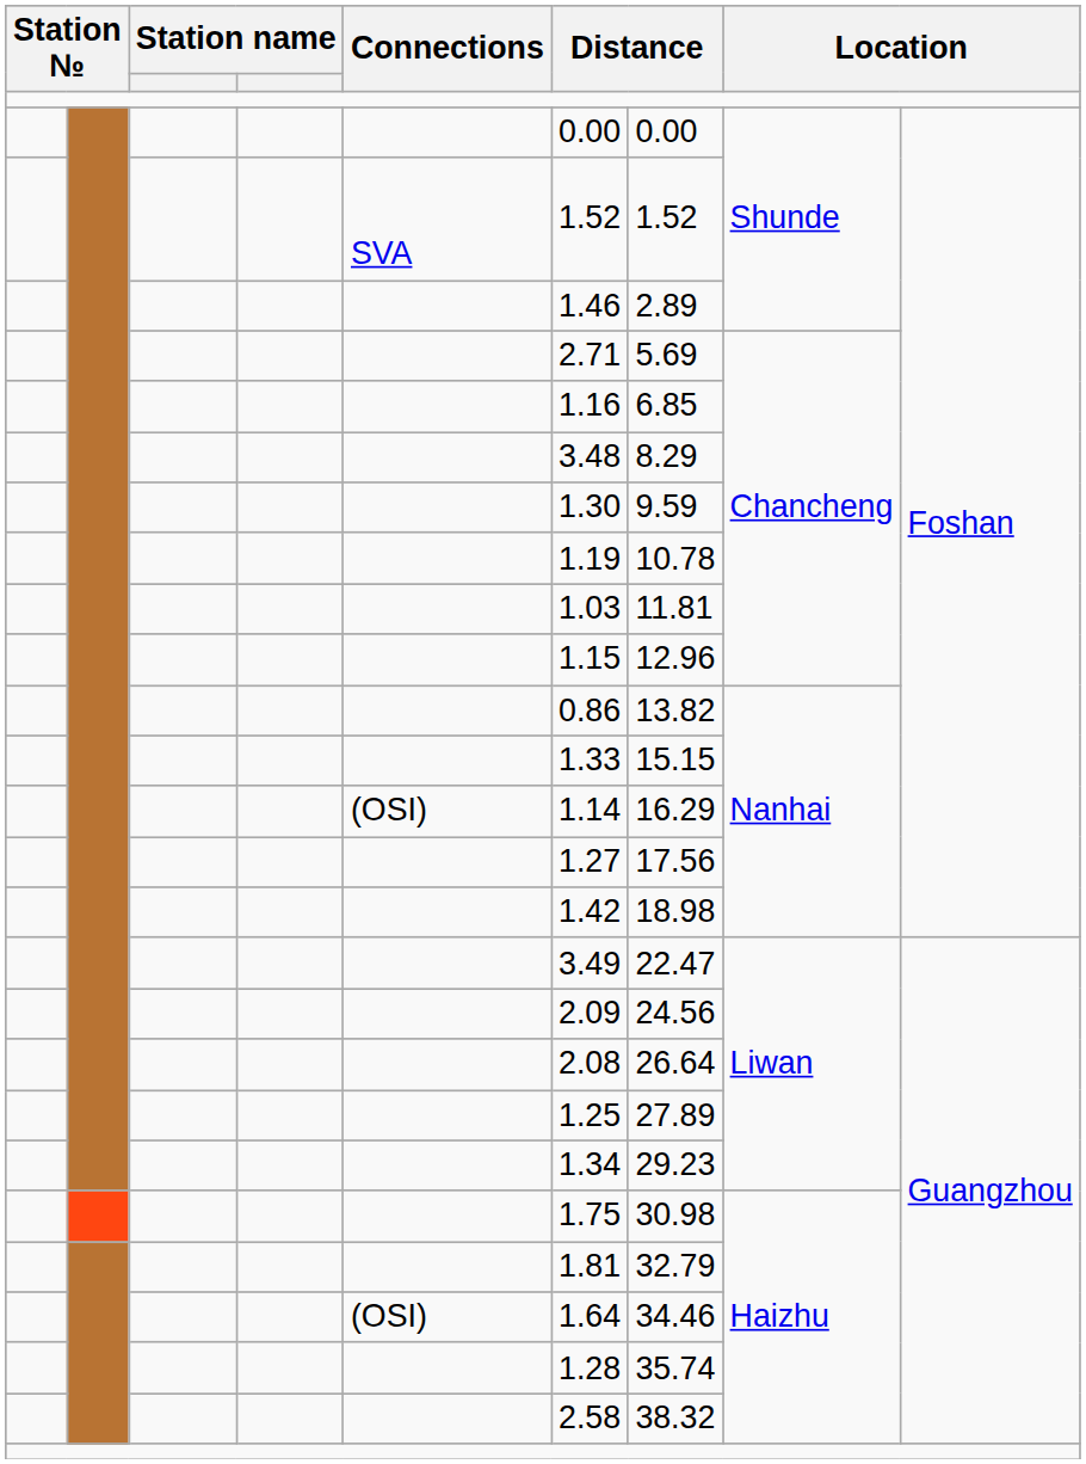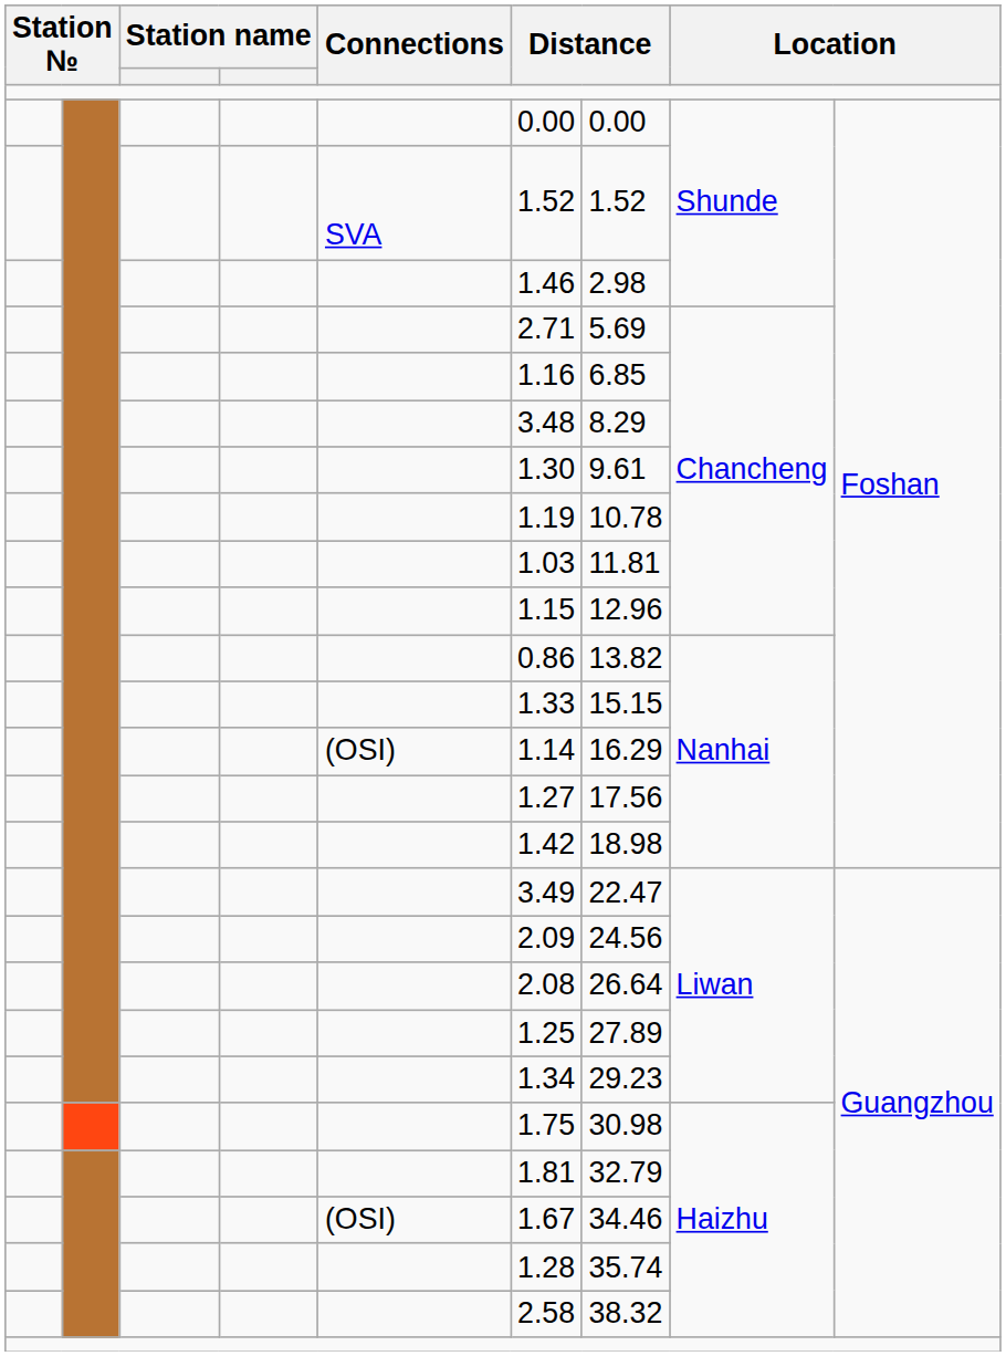 <table class="wikitable">
 <tr>
 <th rowspan="2" colspan="2">Station<br>№</th>
 <th colspan="2">Station name</th>
 <th rowspan="2">Connections</th>
 <th colspan="2" rowspan="2">Distance<br></th>
 <th colspan="2" rowspan="2">Location</th>
 </tr>
 <tr>
 <th></th>
 <th></th>
 </tr>
 <tr style="background:#">
 <td colspan="10"></td>
 </tr>
 <tr>
 <td></td>
 <td rowspan="20" style="background:#B87333"></td>
 <td></td>
 <td></td>
 <td></td>
 <td>0.00</td>
 <td>0.00</td>
 <td rowspan="3"><a href='#'>Shunde</a></td>
 <td rowspan="15"><a href='#'>Foshan</a></td>
 </tr>
 <tr>
 <td></td>
 <td></td>
 <td></td>
 <td> <br> <br> <a href='#'>SVA</a></td>
 <td>1.52</td>
 <td>1.52</td>
 </tr>
 <tr>
 <td></td>
 <td></td>
 <td></td>
 <td></td>
 <td>1.46</td>
-<td>2.89</td>
+<td>2.98</td>
 </tr>
 <tr>
 <td></td>
 <td></td>
 <td></td>
 <td></td>
 <td>2.71</td>
 <td>5.69</td>
 <td rowspan=7><a href='#'>Chancheng</a></td>
 </tr>
 <tr>
 <td></td>
 <td></td>
 <td></td>
 <td> </td>
 <td>1.16</td>
 <td>6.85</td>
 </tr>
 <tr>
 <td></td>
 <td></td>
 <td></td>
 <td></td>
 <td>3.48</td>
 <td>8.29</td>
 </tr>
 <tr>
 <td></td>
 <td></td>
 <td></td>
 <td></td>
 <td>1.30</td>
-<td>9.59</td>
+<td>9.61</td>
 </tr>
 <tr>
 <td></td>
 <td></td>
 <td></td>
 <td></td>
 <td>1.19</td>
 <td>10.78</td>
 </tr>
 <tr>
 <td></td>
 <td></td>
 <td></td>
 <td> </td>
 <td>1.03</td>
 <td>11.81</td>
 </tr>
 <tr>
 <td></td>
 <td></td>
 <td></td>
 <td></td>
 <td>1.15</td>
 <td>12.96</td>
 </tr>
 <tr>
 <td></td>
 <td></td>
 <td></td>
 <td> </td>
 <td>0.86</td>
 <td>13.82</td>
 <td rowspan=5><a href='#'>Nanhai</a></td>
 </tr>
 <tr>
 <td></td>
 <td></td>
 <td></td>
 <td></td>
 <td>1.33</td>
 <td>15.15</td>
 </tr>
 <tr>
 <td></td>
 <td></td>
 <td></td>
 <td>  (OSI)</td>
 <td>1.14</td>
 <td>16.29</td>
 </tr>
 <tr>
 <td></td>
 <td></td>
 <td></td>
 <td></td>
 <td>1.27</td>
 <td>17.56</td>
 </tr>
 <tr>
 <td></td>
 <td></td>
 <td></td>
 <td></td>
 <td>1.42</td>
 <td>18.98</td>
 </tr>
 <tr>
 <td></td>
 <td></td>
 <td></td>
 <td></td>
 <td>3.49</td>
 <td>22.47</td>
 <td rowspan="5"><a href='#'>Liwan</a></td>
 <td rowspan="10"><a href='#'>Guangzhou</a></td>
 </tr>
 <tr>
 <td></td>
 <td></td>
 <td></td>
 <td></td>
 <td>2.09</td>
 <td>24.56</td>
 </tr>
 <tr>
 <td></td>
 <td></td>
 <td></td>
 <td> <br> </td>
 <td>2.08</td>
 <td>26.64</td>
 </tr>
 <tr>
 <td></td>
 <td></td>
 <td></td>
 <td></td>
 <td>1.25</td>
 <td>27.89</td>
 </tr>
 <tr>
 <td></td>
 <td></td>
 <td></td>
 <td> </td>
 <td>1.34</td>
 <td>29.23</td>
 </tr>
 <tr>
 <td></td>
 <td style="background:#FF4611"></td>
 <td></td>
 <td></td>
 <td> </td>
 <td>1.75</td>
 <td>30.98</td>
 <td rowspan=5><a href='#'>Haizhu</a></td>
 </tr>
 <tr>
 <td></td>
 <td rowspan="4" style="background:#B87333"></td>
 <td></td>
 <td></td>
 <td> </td>
 <td>1.81</td>
 <td>32.79</td>
 </tr>
 <tr>
 <td></td>
 <td></td>
 <td></td>
 <td> (OSI)</td>
-<td>1.64</td>
+<td>1.67</td>
 <td>34.46</td>
 </tr>
 <tr>
 <td></td>
 <td></td>
 <td></td>
 <td> </td>
 <td>1.28</td>
 <td>35.74</td>
 </tr>
 <tr>
 <td></td>
 <td></td>
 <td></td>
 <td> </td>
 <td>2.58</td>
 <td>38.32</td>
 </tr>
 <tr style="background:#">
 <td colspan="10"></td>
 </tr>
 </table>
